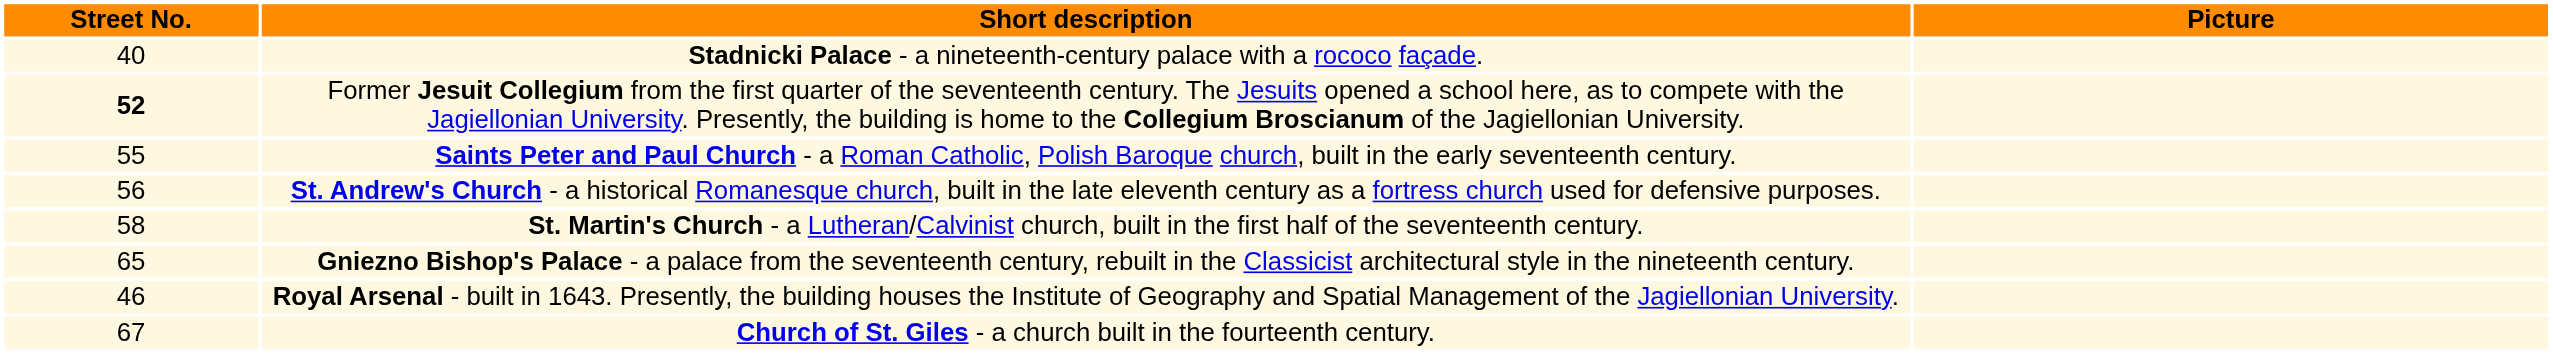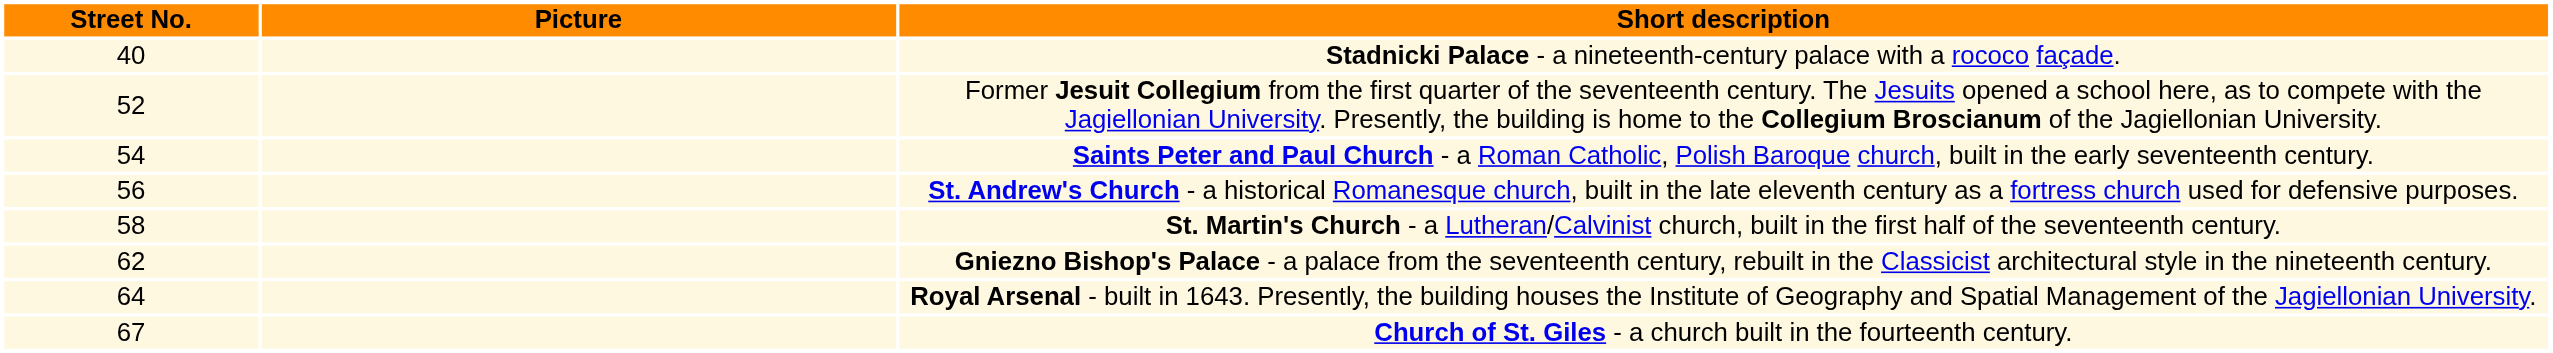 <table>
 <tr ---- bgcolor="#FF 8C 00">
 <th width=4%>Street No.</th>
+<th width=10%>Picture</th>
 <th width=26%>Short description</th>
-<th width=10%>Picture</th>
 </tr>
 <tr ---- bgcolor="#FFF8E1">
 <td align="center">40</td>
+<td align="center"></td>
 <td align="center"><strong>Stadnicki Palace</strong> - a nineteenth-century palace with a <a href='#'>rococo</a> <a href='#'>façade</a>.</td>
-<td align="center"></td>
 </tr>
 <tr ---- bgcolor="#FFF8E1">
-<td align="center"><strong>52</strong></td>
+<td align="center">52</td>
+<td align="center"></td>
 <td align="center">Former <strong>Jesuit Collegium</strong> from the first quarter of the seventeenth century. The <a href='#'>Jesuits</a> opened a school here, as to compete with the <a href='#'>Jagiellonian University</a>. Presently, the building is home to the <strong>Collegium Broscianum</strong> of the Jagiellonian University.</td>
-<td align="center"></td>
 </tr>
 <tr ---- bgcolor="#FFF8E1">
-<td align="center">55</td>
+<td align="center">54</td>
+<td align="center"></td>
 <td align="center"><strong><a href='#'>Saints Peter and Paul Church</a></strong> - a <a href='#'>Roman Catholic</a>, <a href='#'>Polish Baroque</a> <a href='#'>church</a>, built in the early seventeenth century.</td>
-<td align="center"></td>
 </tr>
 <tr ---- bgcolor="#FFF8E1">
 <td align="center">56</td>
+<td align="center"></td>
 <td align="center"><strong><a href='#'>St. Andrew's Church</a></strong> - a historical <a href='#'>Romanesque church</a>, built in the late eleventh century as a <a href='#'>fortress church</a> used for defensive purposes.</td>
-<td align="center"></td>
 </tr>
 <tr ---- bgcolor="#FFF8E1">
 <td align="center">58</td>
+<td align="center"></td>
 <td align="center"><strong>St. Martin's Church</strong> - a <a href='#'>Lutheran</a>/<a href='#'>Calvinist</a> church, built in the first half of the seventeenth century.</td>
-<td align="center"></td>
 </tr>
 <tr ---- bgcolor="#FFF8E1">
-<td align="center">65</td>
+<td align="center">62</td>
+<td align="center"></td>
 <td align="center"><strong>Gniezno Bishop's Palace</strong> - a palace from the seventeenth century, rebuilt in the <a href='#'>Classicist</a> architectural style in the nineteenth century.</td>
-<td align="center"></td>
 </tr>
 <tr ---- bgcolor="#FFF8E1">
-<td align="center">46</td>
+<td align="center">64</td>
+<td align="center"></td>
 <td align="center"><strong>Royal Arsenal</strong> - built in 1643. Presently, the building houses the Institute of Geography and Spatial Management of the <a href='#'>Jagiellonian University</a>.</td>
-<td align="center"></td>
 </tr>
 <tr ---- bgcolor="#FFF8E1">
 <td align="center">67</td>
+<td align="center"></td>
 <td align="center"><strong><a href='#'>Church of St. Giles</a></strong> - a church built in the fourteenth century.</td>
-<td align="center"></td>
 </tr>
 </table>
